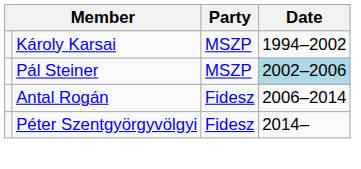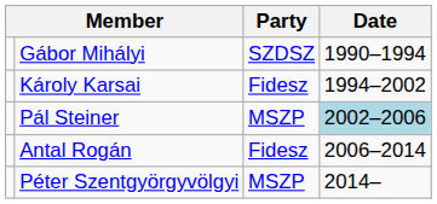 <table class=wikitable>
 <tr>
 <th colspan=2>Member</th>
 <th>Party</th>
 <th>Date</th>
 </tr>
 <tr>
 <td style="background-color:"></td>
+<td><a href='#'>Gábor Mihályi</a></td>
+<td><a href='#'>SZDSZ</a></td>
+<td>1990–1994</td>
+</tr>
+<tr>
+<td style="background-color:"></td>
 <td><a href='#'>Károly Karsai</a></td>
-<td><a href='#'>MSZP</a></td>
+<td><a href='#'>Fidesz</a></td>
 <td>1994–2002</td>
 </tr>
 <tr>
 <td style="background-color:"></td>
 <td><a href='#'>Pál Steiner</a></td>
 <td><a href='#'>MSZP</a></td>
 <td style="background: lightblue;">2002–2006</td>
 </tr>
 <tr>
 <td style="background-color:"></td>
 <td><a href='#'>Antal Rogán</a></td>
 <td><a href='#'>Fidesz</a></td>
 <td>2006–2014</td>
 </tr>
 <tr>
 <td style="background-color:"></td>
 <td><a href='#'>Péter Szentgyörgyvölgyi</a></td>
-<td><a href='#'>Fidesz</a></td>
+<td><a href='#'>MSZP</a></td>
 <td>2014–</td>
 </tr>
 </table>
